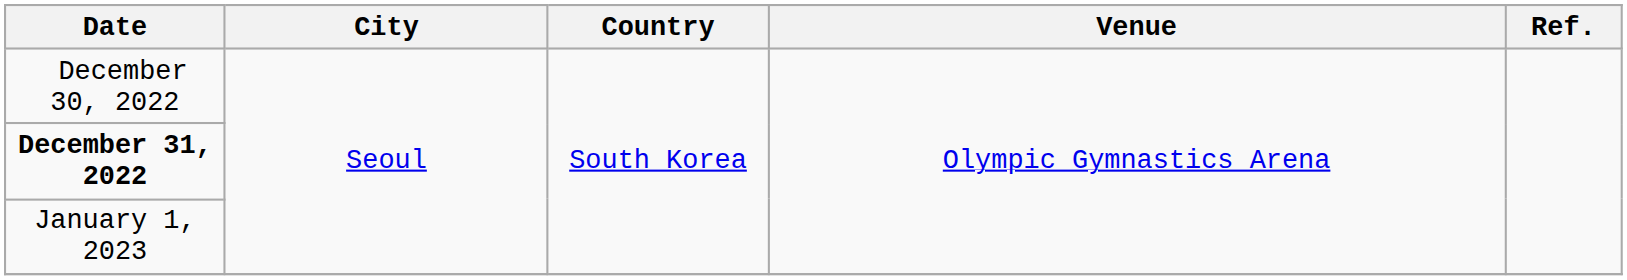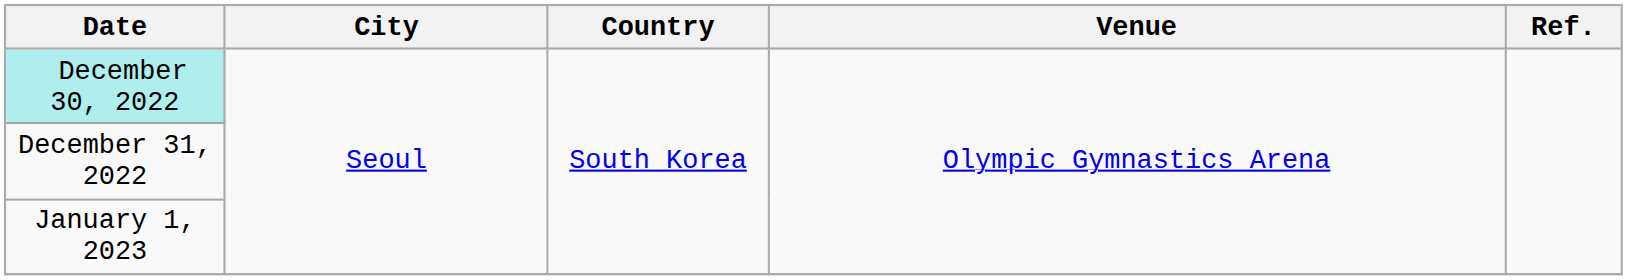 <table class="wikitable" style="text-align:center;">
 <tr>
 <th width="100">Date</th>
 <th width="150">City</th>
 <th width="100">Country</th>
 <th width="350">Venue</th>
 <th width="50">Ref.</th>
 </tr>
 <tr>
-<td> December 30, 2022</td>
+<td style="background: paleturquoise;"> December 30, 2022</td>
 <td rowspan="3"><a href='#'>Seoul</a></td>
 <td rowspan="3"><a href='#'>South Korea</a></td>
 <td rowspan="3"><a href='#'>Olympic Gymnastics Arena</a></td>
 <td rowspan="3"></td>
 </tr>
 <tr>
-<td><strong>December 31, 2022</strong></td>
+<td>December 31, 2022</td>
 </tr>
 <tr>
 <td>January 1, 2023</td>
 </tr>
 <tr>
 </tr>
 </table>
